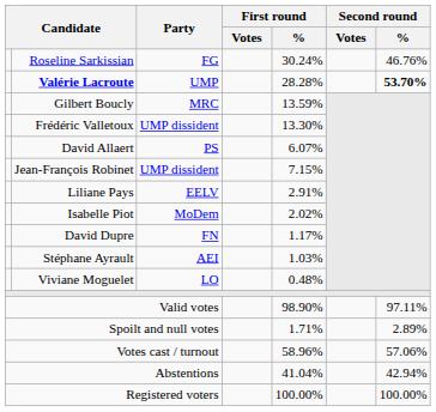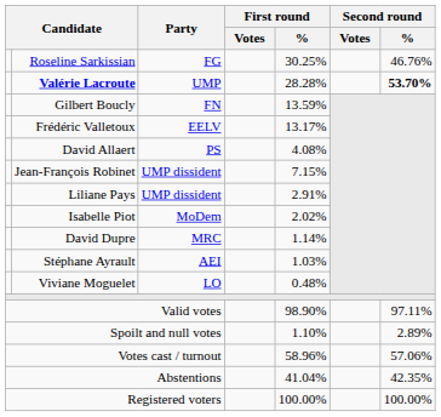 <table class="wikitable" style="text-align:right;font-size:95%;">
 <tr>
 <th rowspan=2 colspan=2>Candidate</th>
 <th rowspan=2 colspan=1>Party</th>
 <th colspan=2>First round</th>
 <th colspan=2>Second round</th>
 </tr>
 <tr>
 <th style="width:50px;">Votes</th>
 <th style="width:55px;">%</th>
 <th style="width:50px;">Votes</th>
 <th style="width:55px;">%</th>
 </tr>
 <tr>
 <td style="color:inherit;background-color:"></td>
 <td><a href='#'>Roseline Sarkissian</a></td>
 <td><a href='#'>FG</a></td>
 <td></td>
-<td>30.24%</td>
+<td>30.25%</td>
 <td></td>
 <td>46.76%</td>
 </tr>
 <tr>
 <td style="color:inherit;background-color:"></td>
 <td><strong><a href='#'>Valérie Lacroute</a></strong></td>
 <td><a href='#'>UMP</a></td>
 <td></td>
 <td>28.28%</td>
 <td><strong></strong></td>
 <td><strong>53.70%</strong></td>
 </tr>
 <tr>
 <td style="color:inherit;background-color:"></td>
 <td>Gilbert Boucly</td>
-<td><a href='#'>MRC</a></td>
+<td><a href='#'>FN</a></td>
 <td></td>
 <td>13.59%</td>
 <td colspan=7 rowspan=9 style="background-color:#E9E9E9;"></td>
 </tr>
 <tr>
 <td style="color:inherit;background-color:"></td>
 <td>Frédéric Valletoux</td>
-<td><a href='#'>UMP dissident</a></td>
+<td><a href='#'>EELV</a></td>
 <td></td>
-<td>13.30%</td>
+<td>13.17%</td>
 </tr>
 <tr>
 <td style="color:inherit;background-color:"></td>
 <td>David Allaert</td>
 <td><a href='#'>PS</a></td>
 <td></td>
-<td>6.07%</td>
+<td>4.08%</td>
 </tr>
 <tr>
 <td style="color:inherit;background-color:"></td>
 <td>Jean-François Robinet</td>
 <td><a href='#'>UMP dissident</a></td>
 <td></td>
 <td>7.15%</td>
 </tr>
 <tr>
 <td style="color:inherit;background-color:"></td>
 <td>Liliane Pays</td>
-<td><a href='#'>EELV</a></td>
+<td><a href='#'>UMP dissident</a></td>
 <td></td>
 <td>2.91%</td>
 </tr>
 <tr>
 <td style="color:inherit;background-color:"></td>
 <td>Isabelle Piot</td>
 <td><a href='#'>MoDem</a></td>
 <td></td>
 <td>2.02%</td>
 </tr>
 <tr>
 <td style="color:inherit;background-color:"></td>
 <td>David Dupre</td>
-<td><a href='#'>FN</a></td>
+<td><a href='#'>MRC</a></td>
 <td></td>
-<td>1.17%</td>
+<td>1.14%</td>
 </tr>
 <tr>
 <td style="color:inherit;background-color:"></td>
 <td>Stéphane Ayrault</td>
 <td><a href='#'>AEI</a></td>
 <td></td>
 <td>1.03%</td>
 </tr>
 <tr>
 <td style="color:inherit;background-color:"></td>
 <td>Viviane Moguelet</td>
 <td><a href='#'>LO</a></td>
 <td></td>
 <td>0.48%</td>
 </tr>
 <tr>
 <td colspan=7 style="background-color:#E9E9E9;"></td>
 </tr>
 <tr>
 <td colspan=3>Valid votes</td>
 <td></td>
 <td>98.90%</td>
 <td></td>
 <td>97.11%</td>
 </tr>
 <tr>
 <td colspan=3>Spoilt and null votes</td>
 <td></td>
-<td>1.71%</td>
+<td>1.10%</td>
 <td></td>
 <td>2.89%</td>
 </tr>
 <tr>
 <td colspan=3>Votes cast / turnout</td>
 <td></td>
 <td>58.96%</td>
 <td></td>
 <td>57.06%</td>
 </tr>
 <tr>
 <td colspan=3>Abstentions</td>
 <td></td>
 <td>41.04%</td>
 <td></td>
-<td>42.94%</td>
+<td>42.35%</td>
 </tr>
 <tr>
 <td colspan=3>Registered voters</td>
 <td></td>
 <td>100.00%</td>
 <td></td>
 <td>100.00%</td>
 </tr>
 </table>
